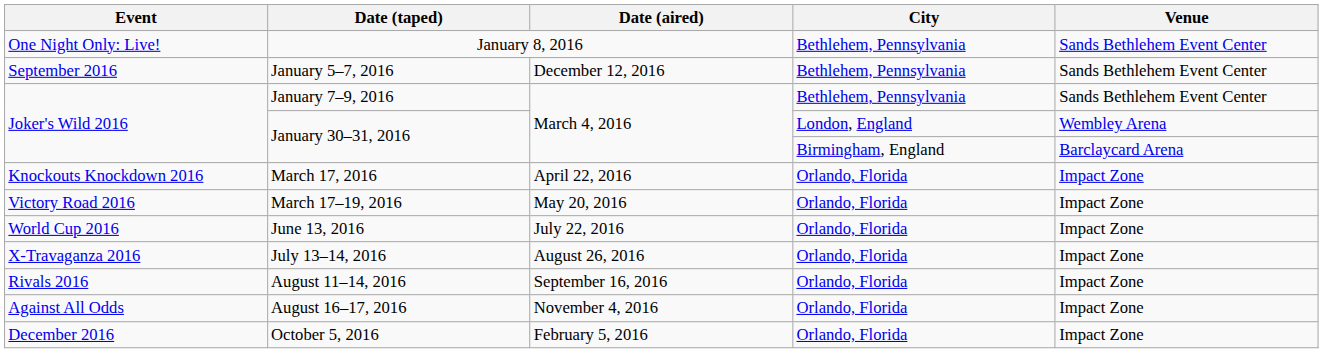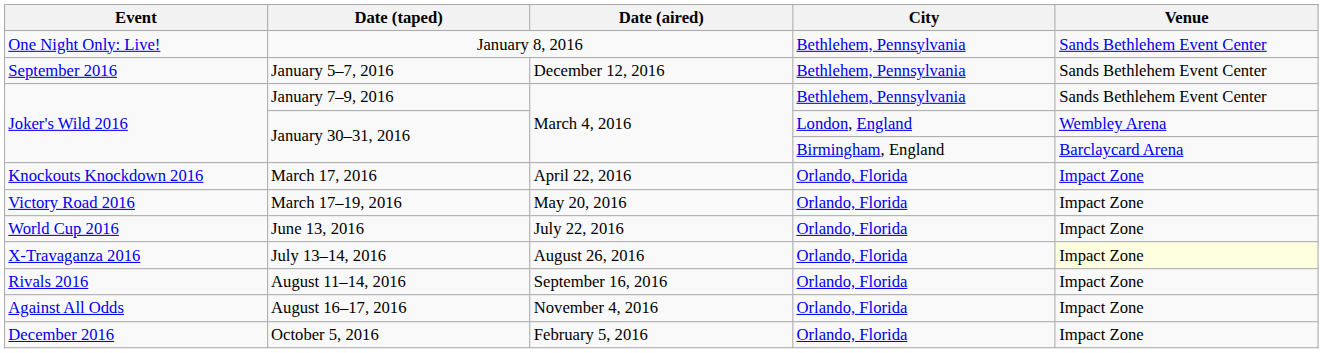 <table class="wikitable sortable" width="100%" style="align: center">
 <tr>
 <th width="20%">Event</th>
 <th width="20%">Date (taped)</th>
 <th width="20%">Date (aired)</th>
 <th width="20%">City</th>
 <th width="20%">Venue</th>
 </tr>
 <tr>
 <td><a href='#'>One Night Only: Live!</a></td>
 <td colspan="2" align="center">January 8, 2016</td>
 <td><a href='#'>Bethlehem, Pennsylvania</a></td>
 <td><a href='#'>Sands Bethlehem Event Center</a></td>
 </tr>
 <tr>
 <td><a href='#'>September 2016</a></td>
 <td>January 5–7, 2016</td>
 <td>December 12, 2016</td>
 <td><a href='#'>Bethlehem, Pennsylvania</a></td>
 <td>Sands Bethlehem Event Center</td>
 </tr>
 <tr>
 <td rowspan="3"><a href='#'>Joker's Wild 2016</a></td>
 <td>January 7–9, 2016</td>
 <td rowspan="3">March 4, 2016</td>
 <td><a href='#'>Bethlehem, Pennsylvania</a></td>
 <td>Sands Bethlehem Event Center</td>
 </tr>
 <tr>
 <td rowspan="2">January 30–31, 2016</td>
 <td><a href='#'>London</a>, <a href='#'>England</a></td>
 <td><a href='#'>Wembley Arena</a></td>
 </tr>
 <tr>
 <td><a href='#'>Birmingham</a>, England</td>
 <td><a href='#'>Barclaycard Arena</a></td>
 </tr>
 <tr>
 <td><a href='#'>Knockouts Knockdown 2016</a></td>
 <td>March 17, 2016</td>
 <td>April 22, 2016</td>
 <td><a href='#'>Orlando, Florida</a></td>
 <td><a href='#'>Impact Zone</a></td>
 </tr>
 <tr>
 <td><a href='#'>Victory Road 2016</a></td>
 <td>March 17–19, 2016</td>
 <td>May 20, 2016</td>
 <td><a href='#'>Orlando, Florida</a></td>
 <td>Impact Zone</td>
 </tr>
 <tr>
 <td><a href='#'>World Cup 2016</a></td>
 <td>June 13, 2016</td>
 <td>July 22, 2016</td>
 <td><a href='#'>Orlando, Florida</a></td>
 <td>Impact Zone</td>
 </tr>
 <tr>
 <td><a href='#'>X-Travaganza 2016</a></td>
 <td>July 13–14, 2016</td>
 <td>August 26, 2016</td>
 <td><a href='#'>Orlando, Florida</a></td>
-<td>Impact Zone</td>
+<td style="background: lightyellow;">Impact Zone</td>
 </tr>
 <tr>
 <td><a href='#'>Rivals 2016</a></td>
 <td>August 11–14, 2016</td>
 <td>September 16, 2016</td>
 <td><a href='#'>Orlando, Florida</a></td>
 <td>Impact Zone</td>
 </tr>
 <tr>
 <td><a href='#'>Against All Odds</a></td>
 <td>August 16–17, 2016</td>
 <td>November 4, 2016</td>
 <td><a href='#'>Orlando, Florida</a></td>
 <td>Impact Zone</td>
 </tr>
 <tr>
 <td><a href='#'>December 2016</a></td>
 <td>October 5, 2016</td>
 <td>February 5, 2016</td>
 <td><a href='#'>Orlando, Florida</a></td>
 <td>Impact Zone</td>
 </tr>
 </table>
